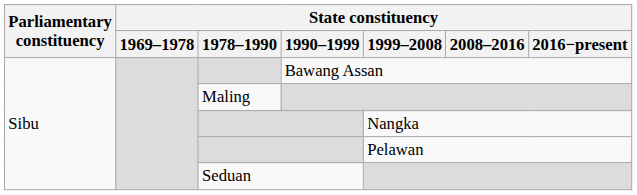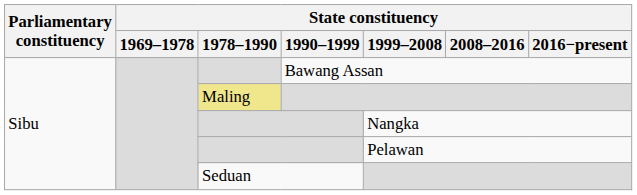 <table class="wikitable">
 <tr>
 <th rowspan="2">Parliamentary<br>constituency</th>
 <th colspan="6">State constituency</th>
 </tr>
 <tr>
 <th>1969–1978</th>
 <th>1978–1990</th>
 <th>1990–1999</th>
 <th>1999–2008</th>
 <th>2008–2016</th>
 <th>2016−present</th>
 </tr>
 <tr>
 <td rowspan="5">Sibu</td>
 <td rowspan="5" bgcolor="dcdcdc"></td>
 <td bgcolor="dcdcdc"></td>
 <td colspan="4">Bawang Assan</td>
 </tr>
 <tr>
-<td>Maling</td>
+<td style="background: khaki;">Maling</td>
 <td colspan="4" bgcolor="dcdcdc"></td>
 </tr>
 <tr>
 <td colspan="2" bgcolor="dcdcdc"></td>
 <td colspan="3">Nangka</td>
 </tr>
 <tr>
 <td colspan="2" bgcolor="dcdcdc"></td>
 <td colspan="3">Pelawan</td>
 </tr>
 <tr>
 <td colspan="2">Seduan</td>
 <td colspan="3" bgcolor="dcdcdc"></td>
 </tr>
 </table>
